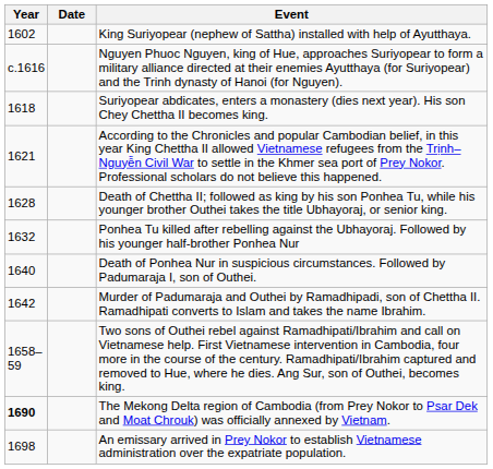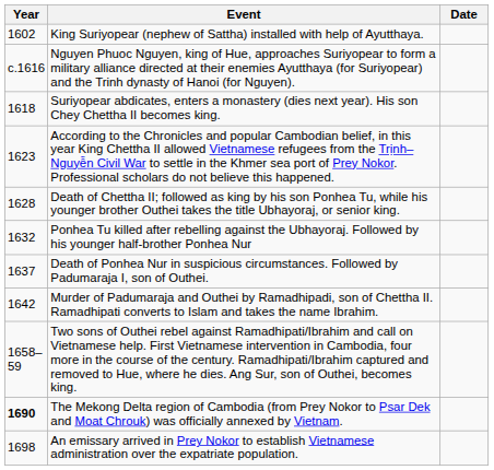 <table class="wikitable" width="100%">
 <tr>
 <th style="width:6%">Year</th>
+<th>Event</th>
 <th style="width:10%">Date</th>
-<th>Event</th>
 </tr>
 <tr>
 <td>1602</td>
+<td>King Suriyopear (nephew of Sattha) installed with help of Ayutthaya.</td>
 <td></td>
-<td>King Suriyopear (nephew of Sattha) installed with help of Ayutthaya.</td>
 </tr>
 <tr>
 <td>c.1616</td>
+<td>Nguyen Phuoc Nguyen, king of Hue, approaches Suriyopear to form a military alliance directed at their enemies Ayutthaya (for Suriyopear) and the Trinh dynasty of Hanoi (for Nguyen).</td>
 <td></td>
-<td>Nguyen Phuoc Nguyen, king of Hue, approaches Suriyopear to form a military alliance directed at their enemies Ayutthaya (for Suriyopear) and the Trinh dynasty of Hanoi (for Nguyen).</td>
 </tr>
 <tr>
 <td>1618</td>
+<td>Suriyopear abdicates, enters a monastery (dies next year). His son Chey Chettha II becomes king.</td>
 <td></td>
-<td>Suriyopear abdicates, enters a monastery (dies next year). His son Chey Chettha II becomes king.</td>
 </tr>
 <tr>
-<td>1621</td>
+<td>1623</td>
+<td>According to the Chronicles and popular Cambodian belief, in this year King Chettha II allowed <a href='#'>Vietnamese</a> refugees from the <a href='#'>Trịnh–Nguyễn Civil War</a> to settle in the Khmer sea port of <a href='#'>Prey Nokor</a>. Professional scholars do not believe this happened.</td>
 <td></td>
-<td>According to the Chronicles and popular Cambodian belief, in this year King Chettha II allowed <a href='#'>Vietnamese</a> refugees from the <a href='#'>Trịnh–Nguyễn Civil War</a> to settle in the Khmer sea port of <a href='#'>Prey Nokor</a>. Professional scholars do not believe this happened.</td>
 </tr>
 <tr>
 <td>1628</td>
+<td>Death of Chettha II; followed as king by his son Ponhea Tu, while his younger brother Outhei takes the title Ubhayoraj, or senior king.</td>
 <td></td>
-<td>Death of Chettha II; followed as king by his son Ponhea Tu, while his younger brother Outhei takes the title Ubhayoraj, or senior king.</td>
 </tr>
 <tr>
 <td>1632</td>
+<td>Ponhea Tu killed after rebelling against the Ubhayoraj. Followed by his younger half-brother Ponhea Nur</td>
 <td></td>
-<td>Ponhea Tu killed after rebelling against the Ubhayoraj. Followed by his younger half-brother Ponhea Nur</td>
 </tr>
 <tr>
-<td>1640</td>
+<td>1637</td>
+<td>Death of Ponhea Nur in suspicious circumstances. Followed by Padumaraja I, son of Outhei.</td>
 <td></td>
-<td>Death of Ponhea Nur in suspicious circumstances. Followed by Padumaraja I, son of Outhei.</td>
 </tr>
 <tr>
 <td>1642</td>
+<td>Murder of Padumaraja and Outhei by Ramadhipadi, son of Chettha II. Ramadhipati converts to Islam and takes the name Ibrahim.</td>
 <td></td>
-<td>Murder of Padumaraja and Outhei by Ramadhipadi, son of Chettha II. Ramadhipati converts to Islam and takes the name Ibrahim.</td>
 </tr>
 <tr>
 <td>1658–59</td>
+<td>Two sons of Outhei rebel against Ramadhipati/Ibrahim and call on Vietnamese help. First Vietnamese intervention in Cambodia, four more in the course of the century. Ramadhipati/Ibrahim captured and removed to Hue, where he dies. Ang Sur, son of Outhei, becomes king.</td>
 <td></td>
-<td>Two sons of Outhei rebel against Ramadhipati/Ibrahim and call on Vietnamese help. First Vietnamese intervention in Cambodia, four more in the course of the century. Ramadhipati/Ibrahim captured and removed to Hue, where he dies. Ang Sur, son of Outhei, becomes king.</td>
 </tr>
 <tr>
 <td><strong>1690</strong></td>
+<td>The Mekong Delta region of Cambodia (from Prey Nokor to <a href='#'>Psar Dek</a> and <a href='#'>Moat Chrouk</a>) was officially annexed by <a href='#'>Vietnam</a>.</td>
 <td></td>
-<td>The Mekong Delta region of Cambodia (from Prey Nokor to <a href='#'>Psar Dek</a> and <a href='#'>Moat Chrouk</a>) was officially annexed by <a href='#'>Vietnam</a>.</td>
 </tr>
 <tr>
 <td>1698</td>
+<td>An emissary arrived in <a href='#'>Prey Nokor</a> to establish <a href='#'>Vietnamese</a> administration over the expatriate population.</td>
 <td></td>
-<td>An emissary arrived in <a href='#'>Prey Nokor</a> to establish <a href='#'>Vietnamese</a> administration over the expatriate population.</td>
 </tr>
 </table>
